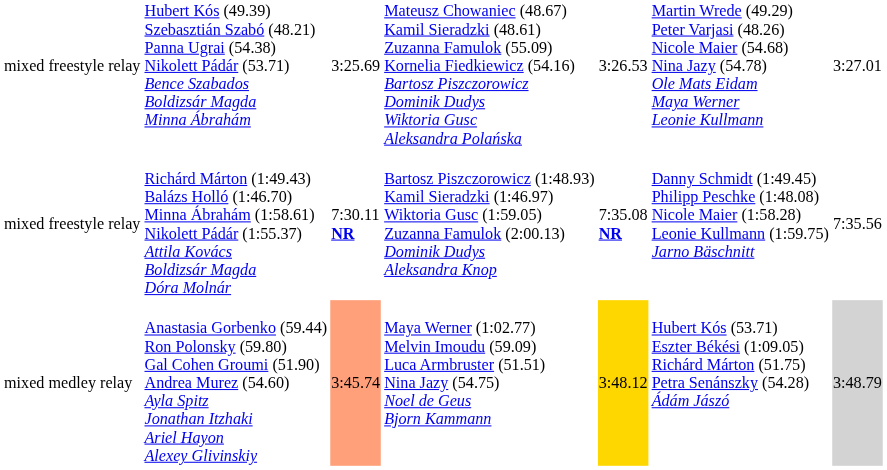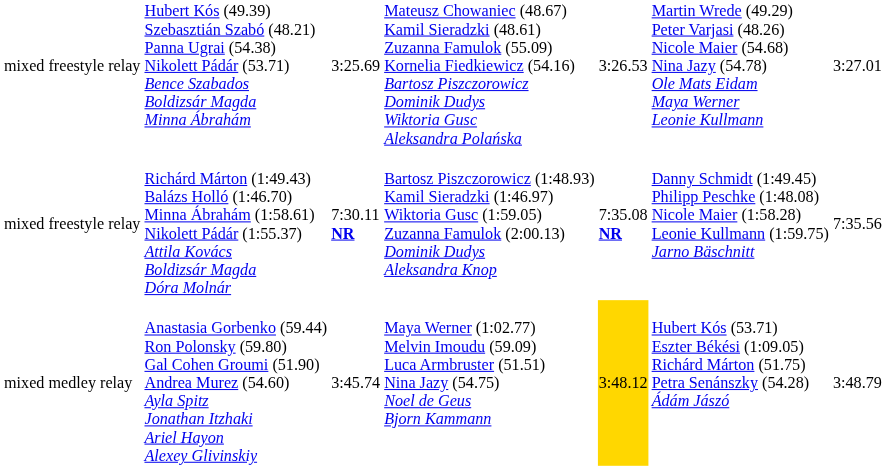 <table>
 <tr>
 <td> mixed freestyle relay<br></td>
 <td valign=top> <br><a href='#'>Hubert Kós</a> (49.39)<br><a href='#'>Szebasztián Szabó</a> (48.21)<br><a href='#'>Panna Ugrai</a> (54.38)<br><a href='#'>Nikolett Pádár</a> (53.71)<br><em><a href='#'>Bence Szabados</a></em><br><em><a href='#'>Boldizsár Magda</a></em><br><em><a href='#'>Minna Ábrahám</a></em></td>
 <td>3:25.69</td>
 <td valign=top> <br><a href='#'>Mateusz Chowaniec</a> (48.67)<br><a href='#'>Kamil Sieradzki</a> (48.61)<br><a href='#'>Zuzanna Famulok</a> (55.09)<br><a href='#'>Kornelia Fiedkiewicz</a> (54.16)<br><em><a href='#'>Bartosz Piszczorowicz</a></em><br><em><a href='#'>Dominik Dudys</a></em><br><em><a href='#'>Wiktoria Gusc</a></em><br><em><a href='#'>Aleksandra Polańska</a></em></td>
 <td>3:26.53</td>
 <td valign=top> <br><a href='#'>Martin Wrede</a> (49.29)<br><a href='#'>Peter Varjasi</a> (48.26)<br><a href='#'>Nicole Maier</a> (54.68)<br><a href='#'>Nina Jazy</a> (54.78)<br><em><a href='#'>Ole Mats Eidam</a></em><br><em><a href='#'>Maya Werner</a></em><br><em><a href='#'>Leonie Kullmann</a></em></td>
 <td>3:27.01</td>
 </tr>
 <tr>
 <td> mixed freestyle relay<br></td>
 <td valign=top> <br><a href='#'>Richárd Márton</a> (1:49.43)<br><a href='#'>Balázs Holló</a> (1:46.70)<br><a href='#'>Minna Ábrahám</a> (1:58.61)<br><a href='#'>Nikolett Pádár</a> (1:55.37)<br><em><a href='#'>Attila Kovács</a></em><br><em><a href='#'>Boldizsár Magda</a></em><br><em><a href='#'>Dóra Molnár</a></em></td>
 <td>7:30.11<br><strong><a href='#'>NR</a></strong></td>
 <td valign=top> <br><a href='#'>Bartosz Piszczorowicz</a> (1:48.93)<br><a href='#'>Kamil Sieradzki</a> (1:46.97)<br><a href='#'>Wiktoria Gusc</a> (1:59.05)<br><a href='#'>Zuzanna Famulok</a> (2:00.13)<br><em><a href='#'>Dominik Dudys</a></em><br><em><a href='#'>Aleksandra Knop</a></em></td>
 <td>7:35.08<br><strong><a href='#'>NR</a></strong></td>
 <td valign=top> <br><a href='#'>Danny Schmidt</a> (1:49.45)<br><a href='#'>Philipp Peschke</a> (1:48.08)<br><a href='#'>Nicole Maier</a> (1:58.28)<br><a href='#'>Leonie Kullmann</a> (1:59.75)<br><em><a href='#'>Jarno Bäschnitt</a></em></td>
 <td>7:35.56</td>
 </tr>
 <tr>
 <td> mixed medley relay<br></td>
 <td valign=top> <br><a href='#'>Anastasia Gorbenko</a> (59.44)<br><a href='#'>Ron Polonsky</a> (59.80)<br><a href='#'>Gal Cohen Groumi</a> (51.90)<br><a href='#'>Andrea Murez</a> (54.60)<br><em><a href='#'>Ayla Spitz</a></em><br><em><a href='#'>Jonathan Itzhaki</a></em><br><em><a href='#'>Ariel Hayon</a></em><br><em><a href='#'>Alexey Glivinskiy</a></em></td>
-<td style="background: lightsalmon;">3:45.74</td>
+<td>3:45.74</td>
 <td valign=top> <br><a href='#'>Maya Werner</a> (1:02.77)<br><a href='#'>Melvin Imoudu</a> (59.09)<br><a href='#'>Luca Armbruster</a> (51.51)<br><a href='#'>Nina Jazy</a> (54.75)<br><em><a href='#'>Noel de Geus</a></em><br><em><a href='#'>Bjorn Kammann</a></em></td>
 <td style="background: gold;">3:48.12</td>
 <td valign=top> <br><a href='#'>Hubert Kós</a> (53.71)<br><a href='#'>Eszter Békési</a> (1:09.05)<br><a href='#'>Richárd Márton</a> (51.75)<br><a href='#'>Petra Senánszky</a> (54.28)<br><em><a href='#'>Ádám Jászó</a></em></td>
-<td style="background: lightgrey;">3:48.79</td>
+<td>3:48.79</td>
 </tr>
 </table>
